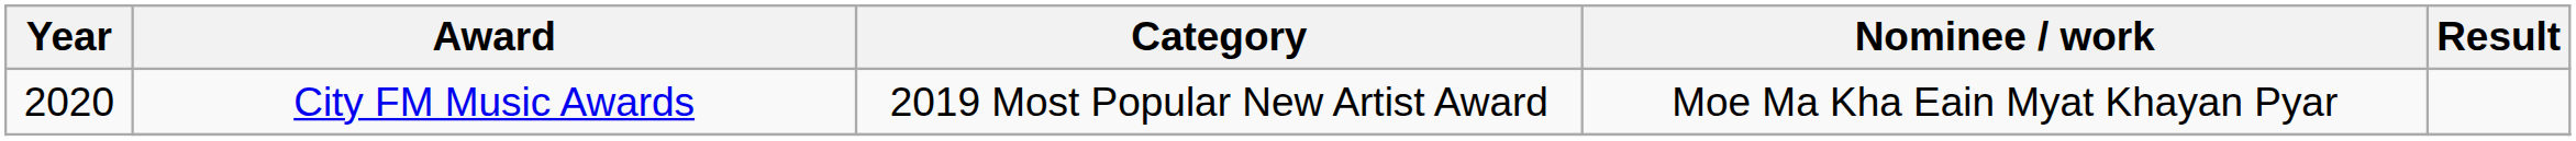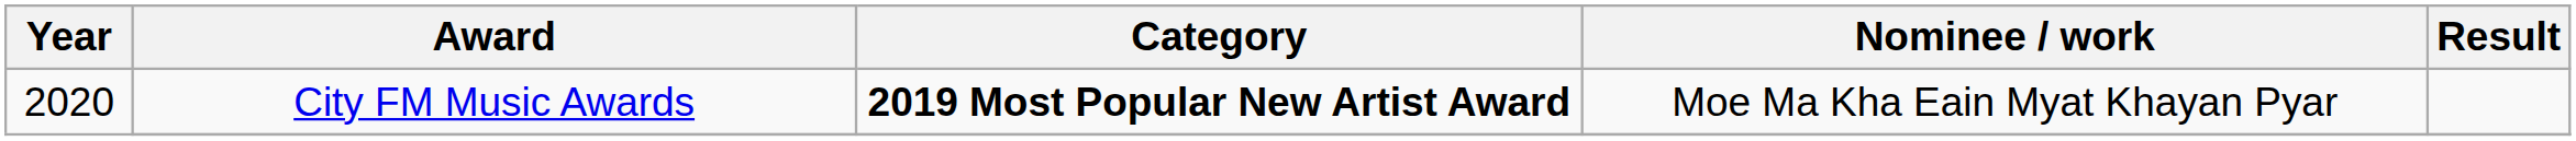 <table class="wikitable" style="width:80%;">
 <tr>
 <th width="5%">Year</th>
 <th style="width:30%;">Award</th>
 <th style="width:30%;">Category</th>
 <th style="width:70%;">Nominee / work</th>
 <th style="width:10%;">Result</th>
 </tr>
 <tr>
 <td rowspan="10" style="text-align:center;">2020</td>
 <td style="text-align:center;"><a href='#'>City FM Music Awards</a></td>
-<td style="text-align:center;">2019 Most Popular New Artist Award</td>
+<td style="text-align:center;"><strong>2019 Most Popular New Artist Award</strong></td>
 <td style="text-align:center;">Moe Ma Kha Eain Myat Khayan Pyar</td>
 <td></td>
 </tr>
 <tr>
 </tr>
 </table>
